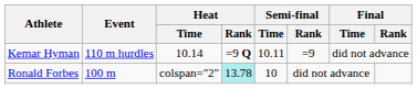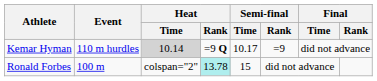 <table class=wikitable style="font-size:90%">
 <tr>
 <th rowspan="2">Athlete</th>
 <th rowspan="2">Event</th>
 <th colspan="2">Heat</th>
 <th colspan="2">Semi-final</th>
 <th colspan="2">Final</th>
 </tr>
 <tr style="font-size:95%">
 <th>Time</th>
 <th>Rank</th>
 <th>Time</th>
 <th>Rank</th>
 <th>Time</th>
 <th>Rank</th>
 </tr>
 <tr align=center>
 <td align=left><a href='#'>Kemar Hyman</a></td>
 <td align=left><a href='#'>110 m hurdles</a></td>
-<td>10.14</td>
+<td style="background: lightgrey;">10.14</td>
 <td>=9 <strong>Q</strong></td>
-<td>10.11</td>
+<td>10.17</td>
 <td>=9</td>
 <td colspan=2>did not advance</td>
 </tr>
 <tr align=center>
 <td align=left><a href='#'>Ronald Forbes</a></td>
 <td align=left><a href='#'>100 m</a></td>
 <td>colspan="2" </td>
 <td style="background: paleturquoise;">13.78</td>
-<td>10</td>
+<td>15</td>
 <td colspan=2>did not advance</td>
 </tr>
 </table>
